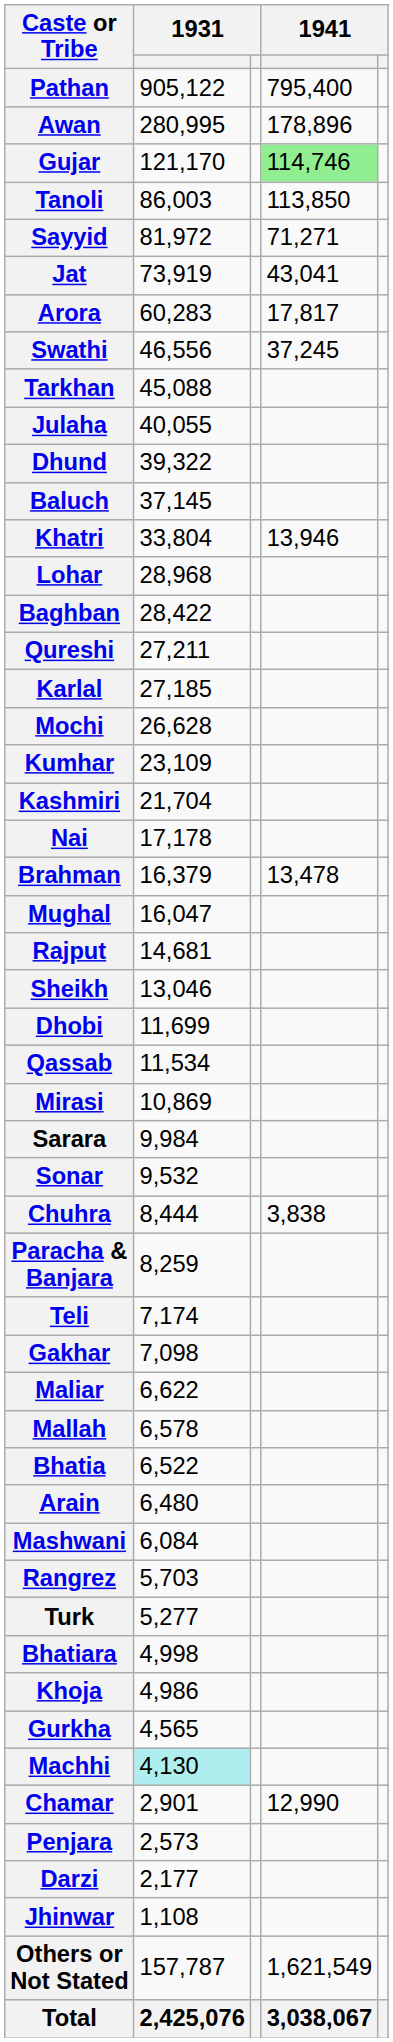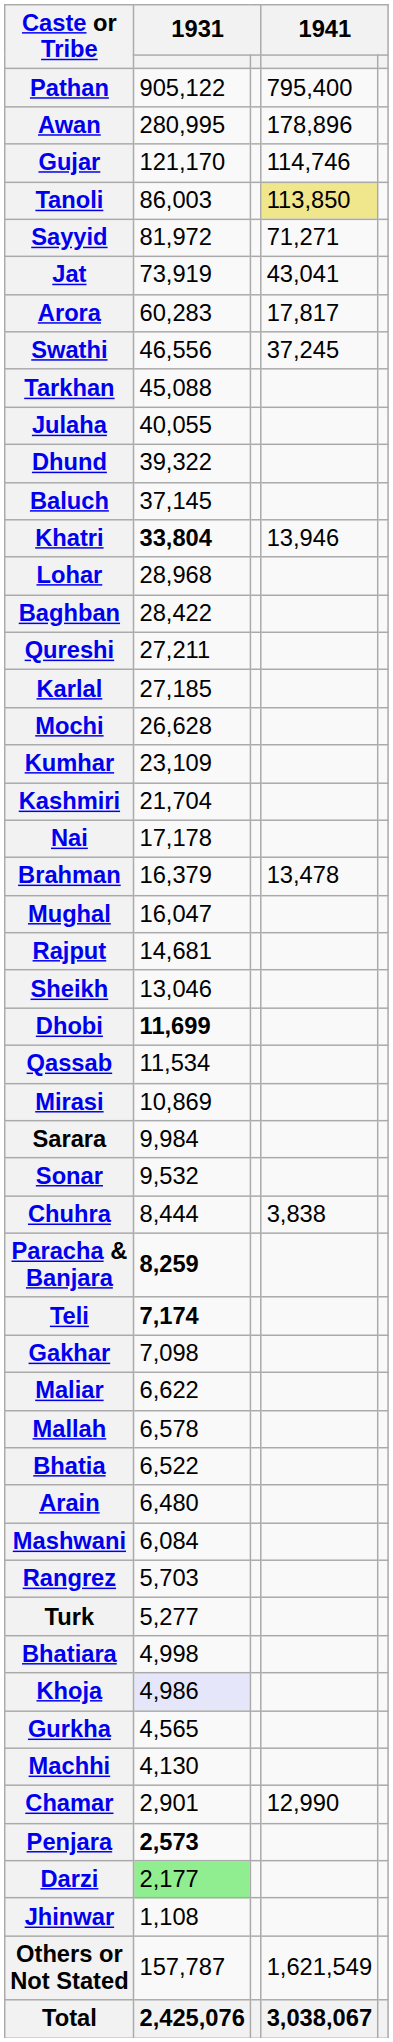 <table class="wikitable sortable">
 <tr>
 <th rowspan="2"><a href='#'>Caste</a> or<br><a href='#'>Tribe</a></th>
 <th colspan="2">1931</th>
 <th colspan="2">1941</th>
 </tr>
 <tr>
 <th><a href='#'></a></th>
 <th></th>
 <th></th>
 <th></th>
 </tr>
 <tr>
 <th><a href='#'>Pathan</a></th>
 <td>905,122</td>
 <td></td>
 <td>795,400</td>
 <td></td>
 </tr>
 <tr>
 <th><a href='#'>Awan</a></th>
 <td>280,995</td>
 <td></td>
 <td>178,896</td>
 <td></td>
 </tr>
 <tr>
 <th><a href='#'>Gujar</a></th>
 <td>121,170</td>
 <td></td>
-<td style="background: lightgreen;">114,746</td>
+<td>114,746</td>
 <td></td>
 </tr>
 <tr>
 <th><a href='#'>Tanoli</a></th>
 <td>86,003</td>
 <td></td>
-<td>113,850</td>
+<td style="background: khaki;">113,850</td>
 <td></td>
 </tr>
 <tr>
 <th><a href='#'>Sayyid</a></th>
 <td>81,972</td>
 <td></td>
 <td>71,271</td>
 <td></td>
 </tr>
 <tr>
 <th><a href='#'>Jat</a></th>
 <td>73,919</td>
 <td></td>
 <td>43,041</td>
 <td></td>
 </tr>
 <tr>
 <th><a href='#'>Arora</a></th>
 <td>60,283</td>
 <td></td>
 <td>17,817</td>
 <td></td>
 </tr>
 <tr>
 <th><a href='#'>Swathi</a></th>
 <td>46,556</td>
 <td></td>
 <td>37,245</td>
 <td></td>
 </tr>
 <tr>
 <th><a href='#'>Tarkhan</a></th>
 <td>45,088</td>
 <td></td>
 <td></td>
 <td></td>
 </tr>
 <tr>
 <th><a href='#'>Julaha</a></th>
 <td>40,055</td>
 <td></td>
 <td></td>
 <td></td>
 </tr>
 <tr>
 <th><a href='#'>Dhund</a></th>
 <td>39,322</td>
 <td></td>
 <td></td>
 <td></td>
 </tr>
 <tr>
 <th><a href='#'>Baluch</a></th>
 <td>37,145</td>
 <td></td>
 <td></td>
 <td></td>
 </tr>
 <tr>
 <th><a href='#'>Khatri</a></th>
-<td>33,804</td>
+<td><strong>33,804</strong></td>
 <td></td>
 <td>13,946</td>
 <td></td>
 </tr>
 <tr>
 <th><a href='#'>Lohar</a></th>
 <td>28,968</td>
 <td></td>
 <td></td>
 <td></td>
 </tr>
 <tr>
 <th><a href='#'>Baghban</a></th>
 <td>28,422</td>
 <td></td>
 <td></td>
 <td></td>
 </tr>
 <tr>
 <th><a href='#'>Qureshi</a></th>
 <td>27,211</td>
 <td></td>
 <td></td>
 <td></td>
 </tr>
 <tr>
 <th><a href='#'>Karlal</a></th>
 <td>27,185</td>
 <td></td>
 <td></td>
 <td></td>
 </tr>
 <tr>
 <th><a href='#'>Mochi</a></th>
 <td>26,628</td>
 <td></td>
 <td></td>
 <td></td>
 </tr>
 <tr>
 <th><a href='#'>Kumhar</a></th>
 <td>23,109</td>
 <td></td>
 <td></td>
 <td></td>
 </tr>
 <tr>
 <th><a href='#'>Kashmiri</a></th>
 <td>21,704</td>
 <td></td>
 <td></td>
 <td></td>
 </tr>
 <tr>
 <th><a href='#'>Nai</a></th>
 <td>17,178</td>
 <td></td>
 <td></td>
 <td></td>
 </tr>
 <tr>
 <th><a href='#'>Brahman</a></th>
 <td>16,379</td>
 <td></td>
 <td>13,478</td>
 <td></td>
 </tr>
 <tr>
 <th><a href='#'>Mughal</a></th>
 <td>16,047</td>
 <td></td>
 <td></td>
 <td></td>
 </tr>
 <tr>
 <th><a href='#'>Rajput</a></th>
 <td>14,681</td>
 <td></td>
 <td></td>
 <td></td>
 </tr>
 <tr>
 <th><a href='#'>Sheikh</a></th>
 <td>13,046</td>
 <td></td>
 <td></td>
 <td></td>
 </tr>
 <tr>
 <th><a href='#'>Dhobi</a></th>
-<td>11,699</td>
+<td><strong>11,699</strong></td>
 <td></td>
 <td></td>
 <td></td>
 </tr>
 <tr>
 <th><a href='#'>Qassab</a></th>
 <td>11,534</td>
 <td></td>
 <td></td>
 <td></td>
 </tr>
 <tr>
 <th><a href='#'>Mirasi</a></th>
 <td>10,869</td>
 <td></td>
 <td></td>
 <td></td>
 </tr>
 <tr>
 <th>Sarara</th>
 <td>9,984</td>
 <td></td>
 <td></td>
 <td></td>
 </tr>
 <tr>
 <th><a href='#'>Sonar</a></th>
 <td>9,532</td>
 <td></td>
 <td></td>
 <td></td>
 </tr>
 <tr>
 <th><a href='#'>Chuhra</a></th>
 <td>8,444</td>
 <td></td>
 <td>3,838</td>
 <td></td>
 </tr>
 <tr>
 <th><a href='#'>Paracha</a> &<br><a href='#'>Banjara</a></th>
-<td>8,259</td>
+<td><strong>8,259</strong></td>
 <td></td>
 <td></td>
 <td></td>
 </tr>
 <tr>
 <th><a href='#'>Teli</a></th>
-<td>7,174</td>
+<td><strong>7,174</strong></td>
 <td></td>
 <td></td>
 <td></td>
 </tr>
 <tr>
 <th><a href='#'>Gakhar</a></th>
 <td>7,098</td>
 <td></td>
 <td></td>
 <td></td>
 </tr>
 <tr>
 <th><a href='#'>Maliar</a></th>
 <td>6,622</td>
 <td></td>
 <td></td>
 <td></td>
 </tr>
 <tr>
 <th><a href='#'>Mallah</a></th>
 <td>6,578</td>
 <td></td>
 <td></td>
 <td></td>
 </tr>
 <tr>
 <th><a href='#'>Bhatia</a></th>
 <td>6,522</td>
 <td></td>
 <td></td>
 <td></td>
 </tr>
 <tr>
 <th><a href='#'>Arain</a></th>
 <td>6,480</td>
 <td></td>
 <td></td>
 <td></td>
 </tr>
 <tr>
 <th><a href='#'>Mashwani</a></th>
 <td>6,084</td>
 <td></td>
 <td></td>
 <td></td>
 </tr>
 <tr>
 <th><a href='#'>Rangrez</a></th>
 <td>5,703</td>
 <td></td>
 <td></td>
 <td></td>
 </tr>
 <tr>
 <th>Turk</th>
 <td>5,277</td>
 <td></td>
 <td></td>
 <td></td>
 </tr>
 <tr>
 <th><a href='#'>Bhatiara</a></th>
 <td>4,998</td>
 <td></td>
 <td></td>
 <td></td>
 </tr>
 <tr>
 <th><a href='#'>Khoja</a></th>
-<td>4,986</td>
+<td style="background: lavender;">4,986</td>
 <td></td>
 <td></td>
 <td></td>
 </tr>
 <tr>
 <th><a href='#'>Gurkha</a></th>
 <td>4,565</td>
 <td></td>
 <td></td>
 <td></td>
 </tr>
 <tr>
 <th><a href='#'>Machhi</a></th>
-<td style="background: paleturquoise;">4,130</td>
+<td>4,130</td>
 <td></td>
 <td></td>
 <td></td>
 </tr>
 <tr>
 <th><a href='#'>Chamar</a></th>
 <td>2,901</td>
 <td></td>
 <td>12,990</td>
 <td></td>
 </tr>
 <tr>
 <th><a href='#'>Penjara</a></th>
-<td>2,573</td>
+<td><strong>2,573</strong></td>
 <td></td>
 <td></td>
 <td></td>
 </tr>
 <tr>
 <th><a href='#'>Darzi</a></th>
-<td>2,177</td>
+<td style="background: lightgreen;">2,177</td>
 <td></td>
 <td></td>
 <td></td>
 </tr>
 <tr>
 <th><a href='#'>Jhinwar</a></th>
 <td>1,108</td>
 <td></td>
 <td></td>
 <td></td>
 </tr>
 <tr>
 <th>Others or<br>Not Stated</th>
 <td>157,787</td>
 <td></td>
 <td>1,621,549</td>
 <td></td>
 </tr>
 <tr>
 <th>Total</th>
 <th>2,425,076</th>
 <th></th>
 <th>3,038,067</th>
 <th></th>
 </tr>
 </table>
